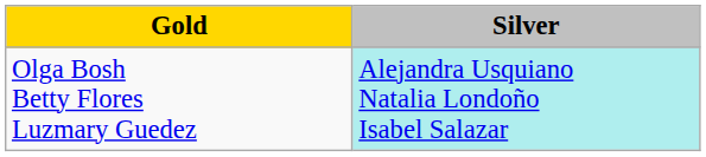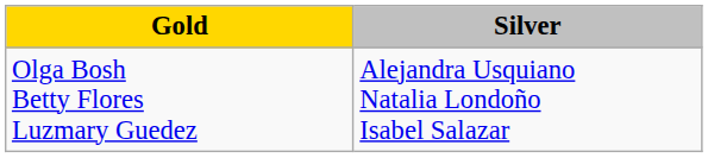 <table class="wikitable" style="text-align:left">
 <tr align="center">
 <td width=200 bgcolor=gold><strong>Gold</strong></td>
 <td width=200 bgcolor=silver><strong>Silver</strong></td>
 </tr>
 <tr>
 <td><a href='#'>Olga Bosh</a><br><a href='#'>Betty Flores</a><br><a href='#'>Luzmary Guedez</a><br><em></em></td>
-<td style="background: paleturquoise;"><a href='#'>Alejandra Usquiano</a><br><a href='#'>Natalia Londoño</a><br><a href='#'>Isabel Salazar</a><br><em></em></td>
+<td><a href='#'>Alejandra Usquiano</a><br><a href='#'>Natalia Londoño</a><br><a href='#'>Isabel Salazar</a><br><em></em></td>
 </tr>
 </table>
